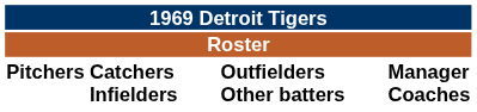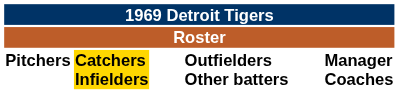 <table class="toccolours" style="font-size: 95%;">
 <tr>
 <th colspan="10" style="background-color: #003366; color: white; text-align: center;">1969 Detroit Tigers</th>
 </tr>
 <tr>
 <td colspan="10" style="background-color: #bd5d29; color: white; text-align: center;"><strong>Roster</strong></td>
 </tr>
 <tr>
 <td valign="top"><strong>Pitchers</strong><br>               </td>
-<td valign="top"><strong>Catchers</strong><br>  <strong>Infielders</strong>         </td>
+<td valign="top" style="background: gold;"><strong>Catchers</strong><br>  <strong>Infielders</strong>         </td>
 <td width="25px"></td>
 <td valign="top"><strong>Outfielders</strong><br>      <strong>Other batters</strong> </td>
 <td width="25px"></td>
 <td valign="top"><strong>Manager</strong><br> <strong>Coaches</strong>    </td>
 </tr>
 <tr>
 </tr>
 </table>
